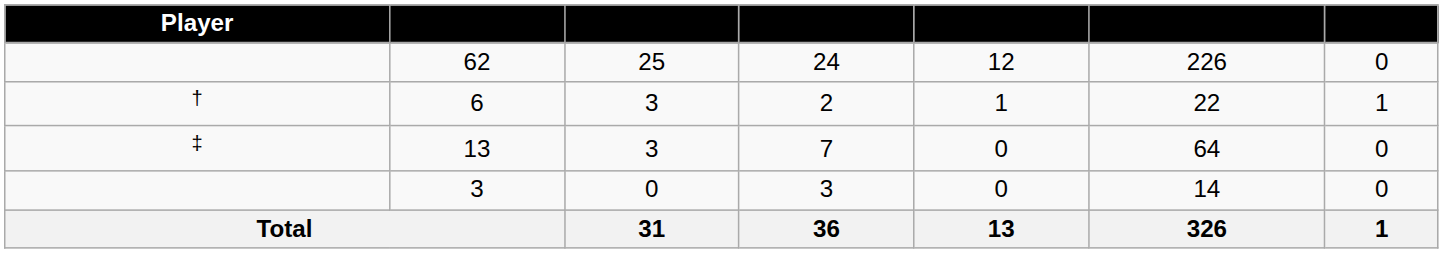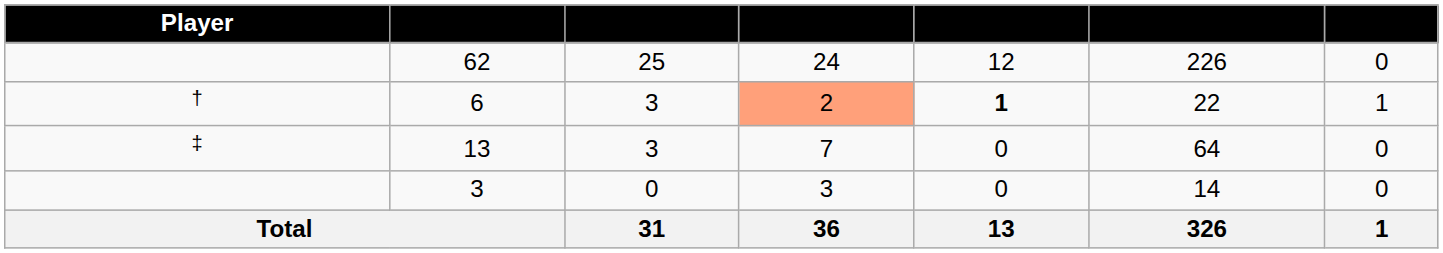 <table class="wikitable sortable" style="width:60%; text-align:center;">
 <tr>
 <th style="color:white; background:#000000; ">Player</th>
 <th style="color:white; background:#000000; "></th>
 <th style="color:white; background:#000000; "></th>
 <th style="color:white; background:#000000; "></th>
 <th style="color:white; background:#000000; "></th>
 <th style="color:white; background:#000000; "></th>
 <th style="color:white; background:#000000; "></th>
 </tr>
 <tr>
 <td></td>
 <td>62</td>
 <td>25</td>
 <td>24</td>
 <td>12</td>
 <td>226</td>
 <td>0</td>
 </tr>
 <tr>
 <td><sup>†</sup></td>
 <td>6</td>
 <td>3</td>
-<td>2</td>
-<td>1</td>
+<td style="background: lightsalmon;">2</td>
+<td><strong>1</strong></td>
 <td>22</td>
 <td>1</td>
 </tr>
 <tr>
 <td><sup>‡</sup></td>
 <td>13</td>
 <td>3</td>
 <td>7</td>
 <td>0</td>
 <td>64</td>
 <td>0</td>
 </tr>
 <tr>
 <td></td>
 <td>3</td>
 <td>0</td>
 <td>3</td>
 <td>0</td>
 <td>14</td>
 <td>0</td>
 </tr>
 <tr class="sortbottom">
 <th colspan=2>Total</th>
 <th>31</th>
 <th>36</th>
 <th>13</th>
 <th>326</th>
 <th>1</th>
 </tr>
 </table>
